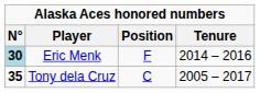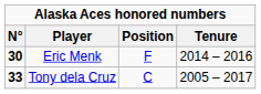 <table class="wikitable sortable" style="text-align:center">
 <tr>
 <td colspan="4"><strong>Alaska Aces honored numbers</strong></td>
 </tr>
 <tr>
 <th>N°</th>
 <th>Player</th>
 <th>Position</th>
 <th>Tenure</th>
 </tr>
 <tr>
-<td style="background: lightblue;"><strong>30</strong></td>
+<td><strong>30</strong></td>
 <td><a href='#'>Eric Menk</a></td>
 <td><a href='#'>F</a></td>
 <td>2014 – 2016 </td>
 </tr>
 <tr>
-<td><strong>35</strong></td>
+<td><strong>33</strong></td>
 <td><a href='#'>Tony dela Cruz</a></td>
 <td><a href='#'>C</a></td>
 <td>2005 – 2017 </td>
 </tr>
 </table>
